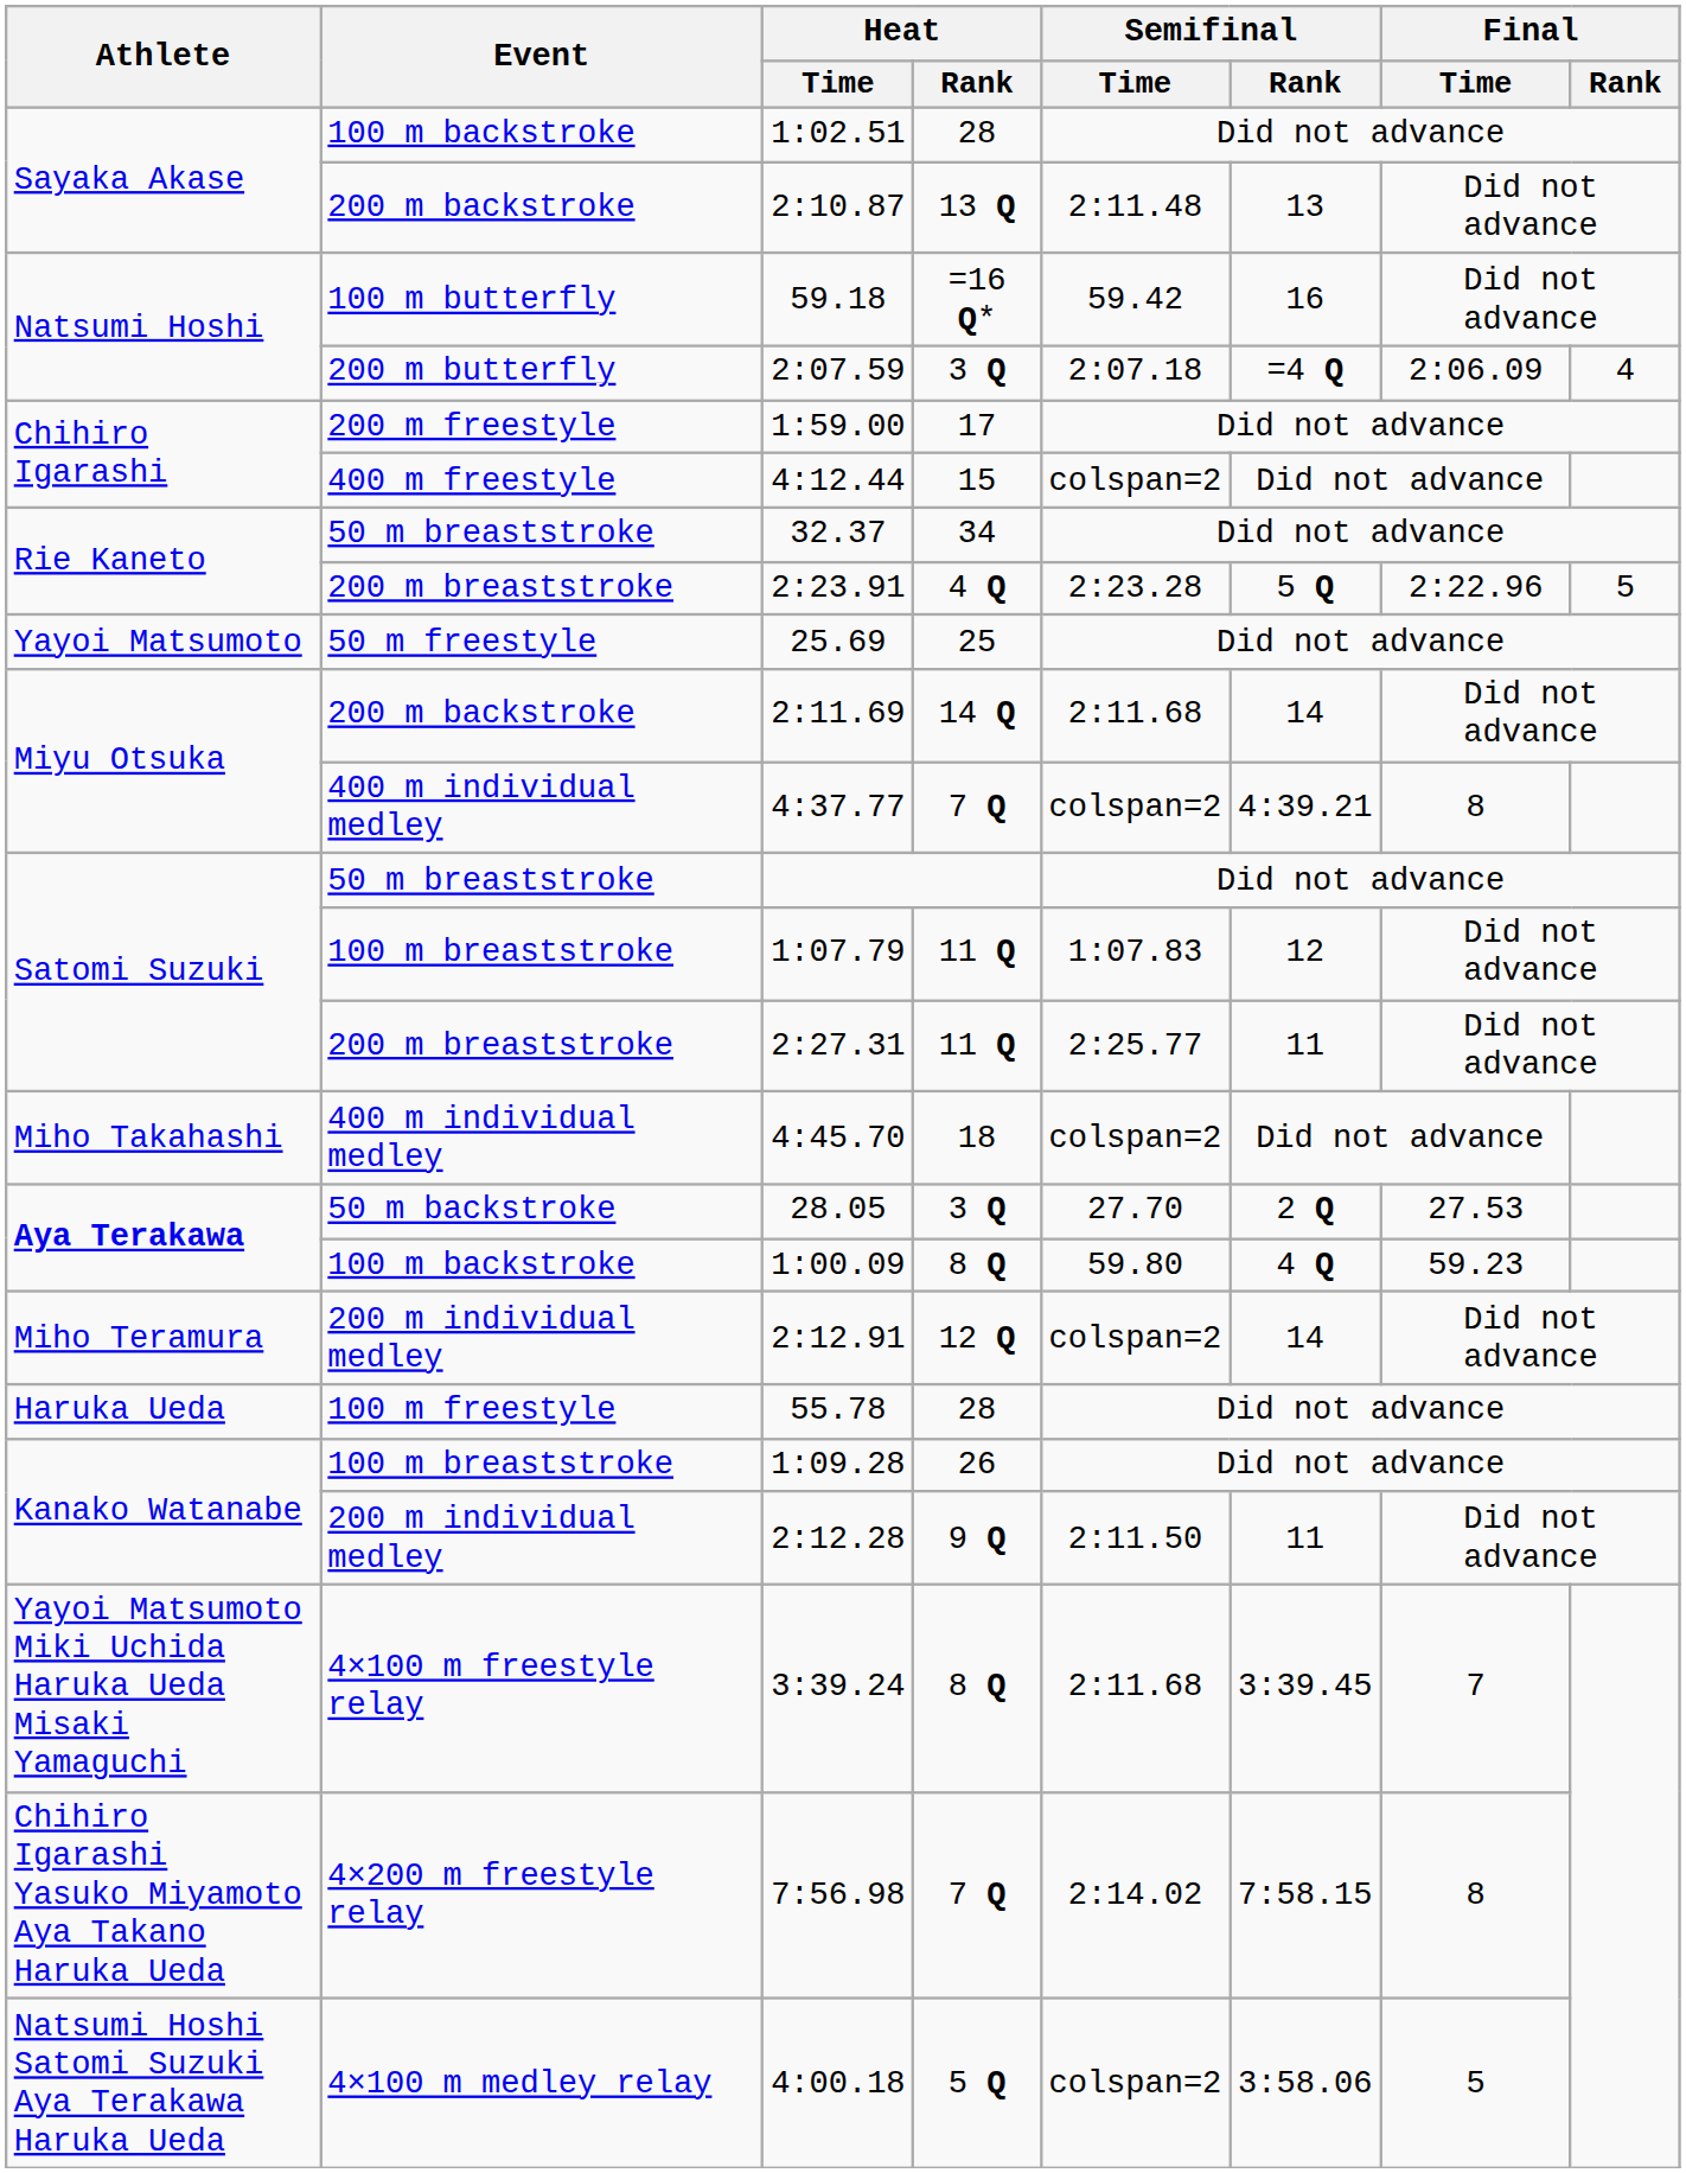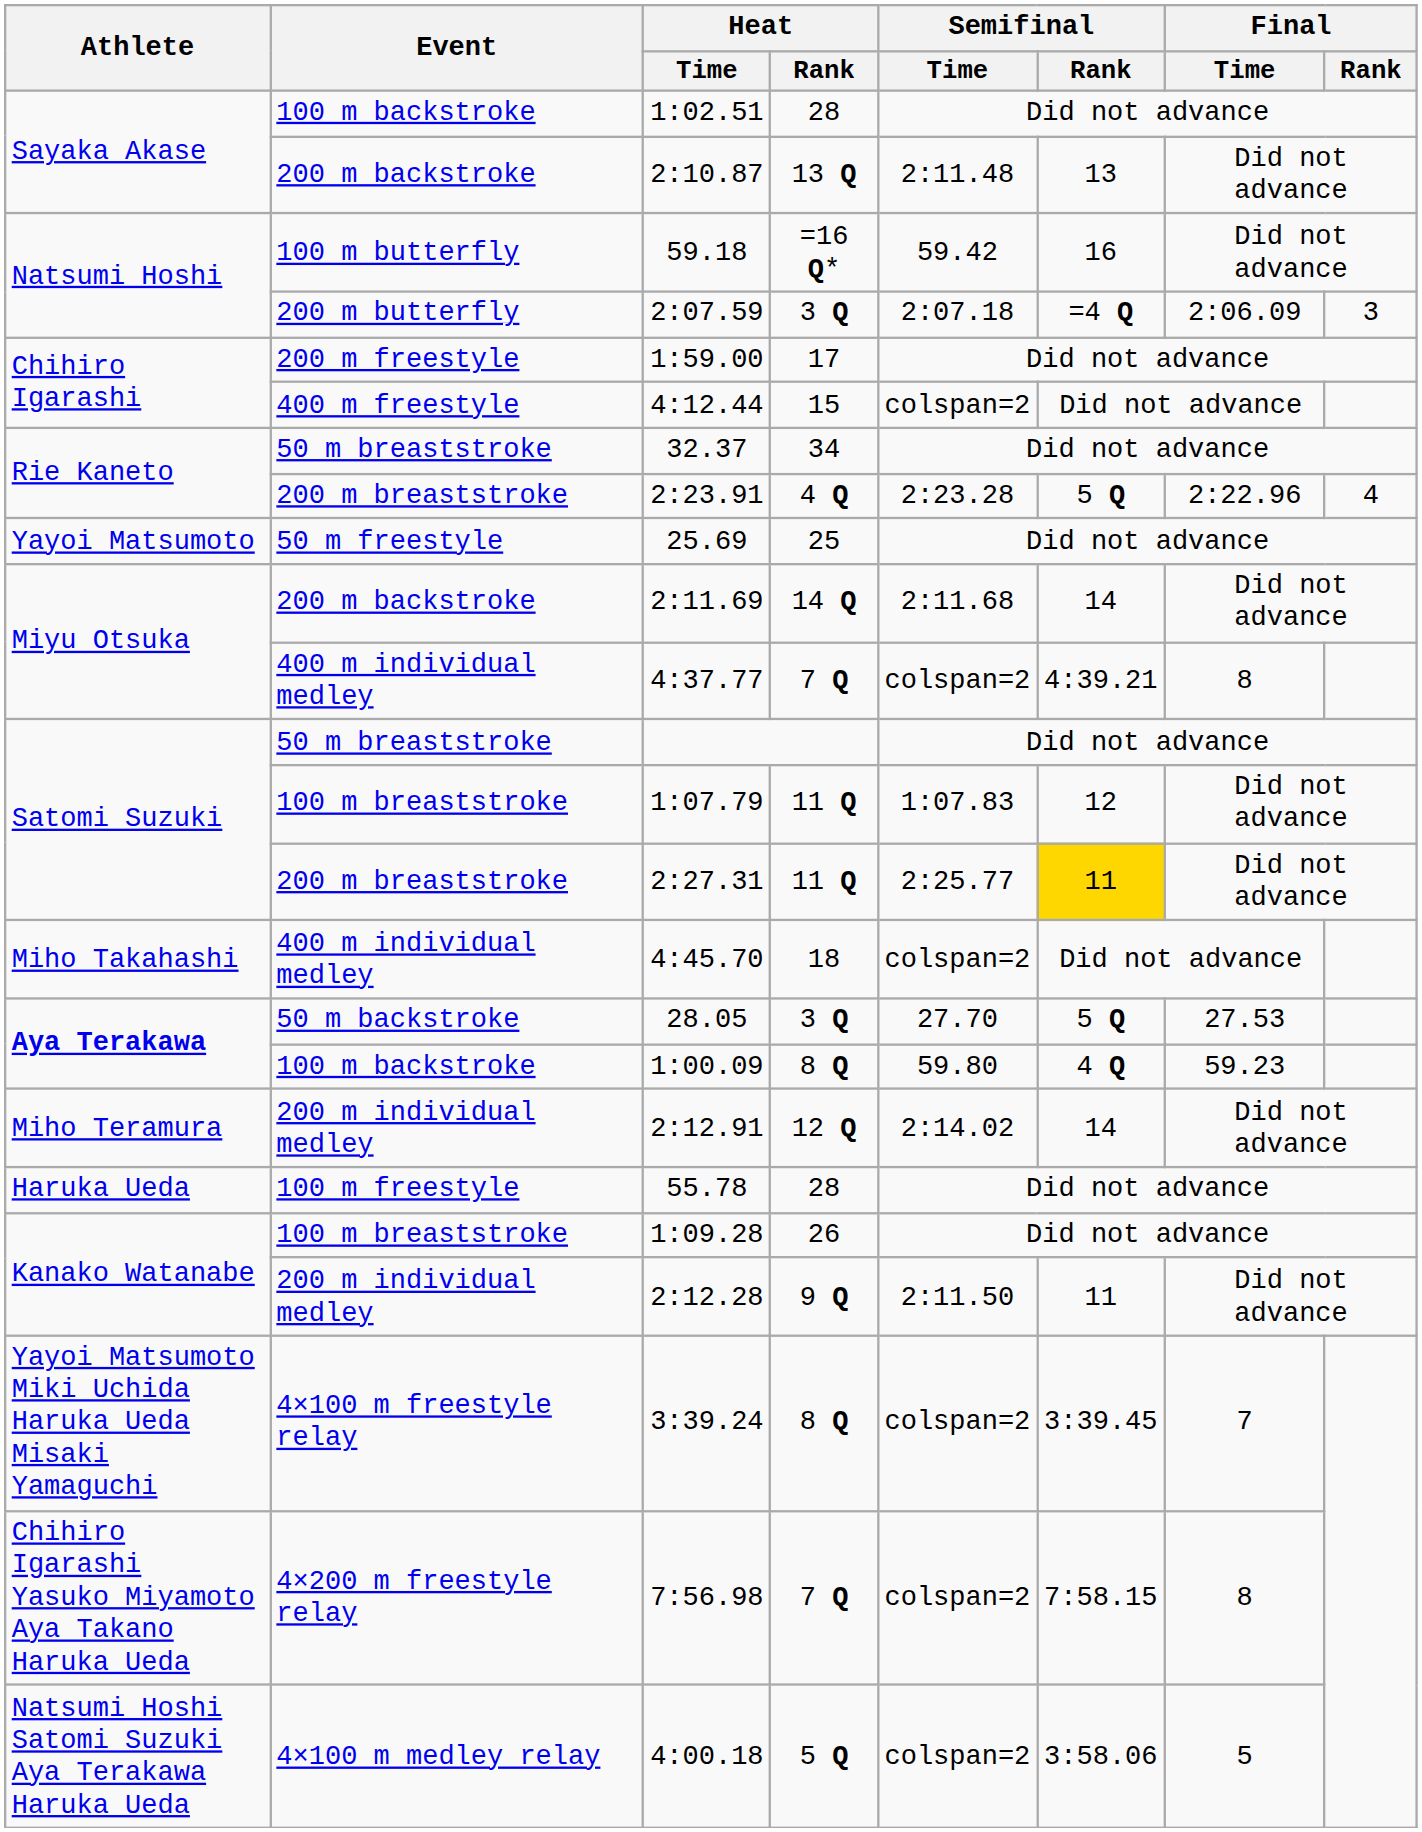 <table class=wikitable style="font-size:90%">
 <tr>
 <th rowspan="2">Athlete</th>
 <th rowspan="2">Event</th>
 <th colspan="2">Heat</th>
 <th colspan="2">Semifinal</th>
 <th colspan="2">Final</th>
 </tr>
 <tr style="font-size:95%">
 <th>Time</th>
 <th>Rank</th>
 <th>Time</th>
 <th>Rank</th>
 <th>Time</th>
 <th>Rank</th>
 </tr>
 <tr align=center>
 <td align=left rowspan=2><a href='#'>Sayaka Akase</a></td>
 <td align=left><a href='#'>100 m backstroke</a></td>
 <td>1:02.51</td>
 <td>28</td>
 <td colspan=4>Did not advance</td>
 </tr>
 <tr align=center>
 <td align=left><a href='#'>200 m backstroke</a></td>
 <td>2:10.87</td>
 <td>13 <strong>Q</strong></td>
 <td>2:11.48</td>
 <td>13</td>
 <td colspan=4>Did not advance</td>
 </tr>
 <tr align=center>
 <td align=left rowspan=2><a href='#'>Natsumi Hoshi</a></td>
 <td align=left><a href='#'>100 m butterfly</a></td>
 <td>59.18</td>
 <td>=16 <strong>Q</strong>*</td>
 <td>59.42</td>
 <td>16</td>
 <td colspan=2>Did not advance</td>
 </tr>
 <tr align=center>
 <td align=left><a href='#'>200 m butterfly</a></td>
 <td>2:07.59</td>
 <td>3 <strong>Q</strong></td>
 <td>2:07.18</td>
 <td>=4 <strong>Q</strong></td>
 <td>2:06.09</td>
-<td>4</td>
+<td>3</td>
 </tr>
 <tr align=center>
 <td align=left rowspan=2><a href='#'>Chihiro Igarashi</a></td>
 <td align=left><a href='#'>200 m freestyle</a></td>
 <td>1:59.00</td>
 <td>17</td>
 <td colspan=4>Did not advance</td>
 </tr>
 <tr align=center>
 <td align=left><a href='#'>400 m freestyle</a></td>
 <td>4:12.44</td>
 <td>15</td>
 <td>colspan=2 </td>
 <td colspan=2>Did not advance</td>
 </tr>
 <tr align=center>
 <td align=left rowspan=2><a href='#'>Rie Kaneto</a></td>
 <td align=left><a href='#'>50 m breaststroke</a></td>
 <td>32.37</td>
 <td>34</td>
 <td colspan=4>Did not advance</td>
 </tr>
 <tr align=center>
 <td align=left><a href='#'>200 m breaststroke</a></td>
 <td>2:23.91</td>
 <td>4 <strong>Q</strong></td>
 <td>2:23.28</td>
 <td>5 <strong>Q</strong></td>
 <td>2:22.96</td>
-<td>5</td>
+<td>4</td>
 </tr>
 <tr align=center>
 <td align=left><a href='#'>Yayoi Matsumoto</a></td>
 <td align=left><a href='#'>50 m freestyle</a></td>
 <td>25.69</td>
 <td>25</td>
 <td colspan=4>Did not advance</td>
 </tr>
 <tr align=center>
 <td align=left rowspan=2><a href='#'>Miyu Otsuka</a></td>
 <td align=left><a href='#'>200 m backstroke</a></td>
 <td>2:11.69</td>
 <td>14 <strong>Q</strong></td>
 <td>2:11.68</td>
 <td>14</td>
 <td colspan=2>Did not advance</td>
 </tr>
 <tr align=center>
 <td align=left><a href='#'>400 m individual medley</a></td>
 <td>4:37.77</td>
 <td>7 <strong>Q</strong></td>
 <td>colspan=2 </td>
 <td>4:39.21</td>
 <td>8</td>
 </tr>
 <tr align=center>
 <td align=left rowspan=3><a href='#'>Satomi Suzuki</a></td>
 <td align=left><a href='#'>50 m breaststroke</a></td>
 <td colspan=2></td>
 <td colspan=4>Did not advance</td>
 </tr>
 <tr align=center>
 <td align=left><a href='#'>100 m breaststroke</a></td>
 <td>1:07.79</td>
 <td>11 <strong>Q</strong></td>
 <td>1:07.83</td>
 <td>12</td>
 <td colspan=2>Did not advance</td>
 </tr>
 <tr align=center>
 <td align=left><a href='#'>200 m breaststroke</a></td>
 <td>2:27.31</td>
 <td>11 <strong>Q</strong></td>
 <td>2:25.77</td>
-<td>11</td>
+<td style="background: gold;">11</td>
 <td colspan=2>Did not advance</td>
 </tr>
 <tr align=center>
 <td align=left><a href='#'>Miho Takahashi</a></td>
 <td align=left><a href='#'>400 m individual medley</a></td>
 <td>4:45.70</td>
 <td>18</td>
 <td>colspan=2 </td>
 <td colspan=2>Did not advance</td>
 </tr>
 <tr align=center>
 <td align=left rowspan=2><strong><a href='#'>Aya Terakawa</a></strong></td>
 <td align=left><a href='#'>50 m backstroke</a></td>
 <td>28.05</td>
 <td>3 <strong>Q</strong></td>
 <td>27.70</td>
-<td>2 <strong>Q</strong></td>
+<td>5 <strong>Q</strong></td>
 <td>27.53</td>
 <td></td>
 </tr>
 <tr align=center>
 <td align=left><a href='#'>100 m backstroke</a></td>
 <td>1:00.09</td>
 <td>8 <strong>Q</strong></td>
 <td>59.80</td>
 <td>4 <strong>Q</strong></td>
 <td>59.23</td>
 <td></td>
 </tr>
 <tr align=center>
 <td align=left><a href='#'>Miho Teramura</a></td>
 <td align=left><a href='#'>200 m individual medley</a></td>
 <td>2:12.91</td>
 <td>12 <strong>Q</strong></td>
-<td>colspan=2 </td>
+<td>2:14.02</td>
 <td>14</td>
 <td colspan=2>Did not advance</td>
 </tr>
 <tr align=center>
 <td align=left><a href='#'>Haruka Ueda</a></td>
 <td align=left><a href='#'>100 m freestyle</a></td>
 <td>55.78</td>
 <td>28</td>
 <td colspan=4>Did not advance</td>
 </tr>
 <tr align=center>
 <td align=left rowspan=2><a href='#'>Kanako Watanabe</a></td>
 <td align=left><a href='#'>100 m breaststroke</a></td>
 <td>1:09.28</td>
 <td>26</td>
 <td colspan=4>Did not advance</td>
 </tr>
 <tr align=center>
 <td align=left><a href='#'>200 m individual medley</a></td>
 <td>2:12.28</td>
 <td>9 <strong>Q</strong></td>
 <td>2:11.50</td>
 <td>11</td>
 <td colspan=2>Did not advance</td>
 </tr>
 <tr align=center>
 <td align=left><a href='#'>Yayoi Matsumoto</a><br><a href='#'>Miki Uchida</a><br><a href='#'>Haruka Ueda</a><br><a href='#'>Misaki Yamaguchi</a></td>
 <td align=left><a href='#'>4×100 m freestyle relay</a></td>
 <td>3:39.24</td>
 <td>8 <strong>Q</strong></td>
-<td>2:11.68</td>
+<td>colspan=2 </td>
 <td>3:39.45</td>
 <td>7</td>
 </tr>
 <tr align=center>
 <td align=left><a href='#'>Chihiro Igarashi</a><br><a href='#'>Yasuko Miyamoto</a><br><a href='#'>Aya Takano</a><br><a href='#'>Haruka Ueda</a></td>
 <td align=left><a href='#'>4×200 m freestyle relay</a></td>
 <td>7:56.98</td>
 <td>7 <strong>Q</strong></td>
-<td>2:14.02</td>
+<td>colspan=2 </td>
 <td>7:58.15</td>
 <td>8</td>
 </tr>
 <tr align=center>
 <td align=left><a href='#'>Natsumi Hoshi</a><br><a href='#'>Satomi Suzuki</a><br><a href='#'>Aya Terakawa</a><br><a href='#'>Haruka Ueda</a></td>
 <td align=left><a href='#'>4×100 m medley relay</a></td>
 <td>4:00.18</td>
 <td>5 <strong>Q</strong></td>
 <td>colspan=2 </td>
 <td>3:58.06</td>
 <td>5</td>
 </tr>
 </table>
